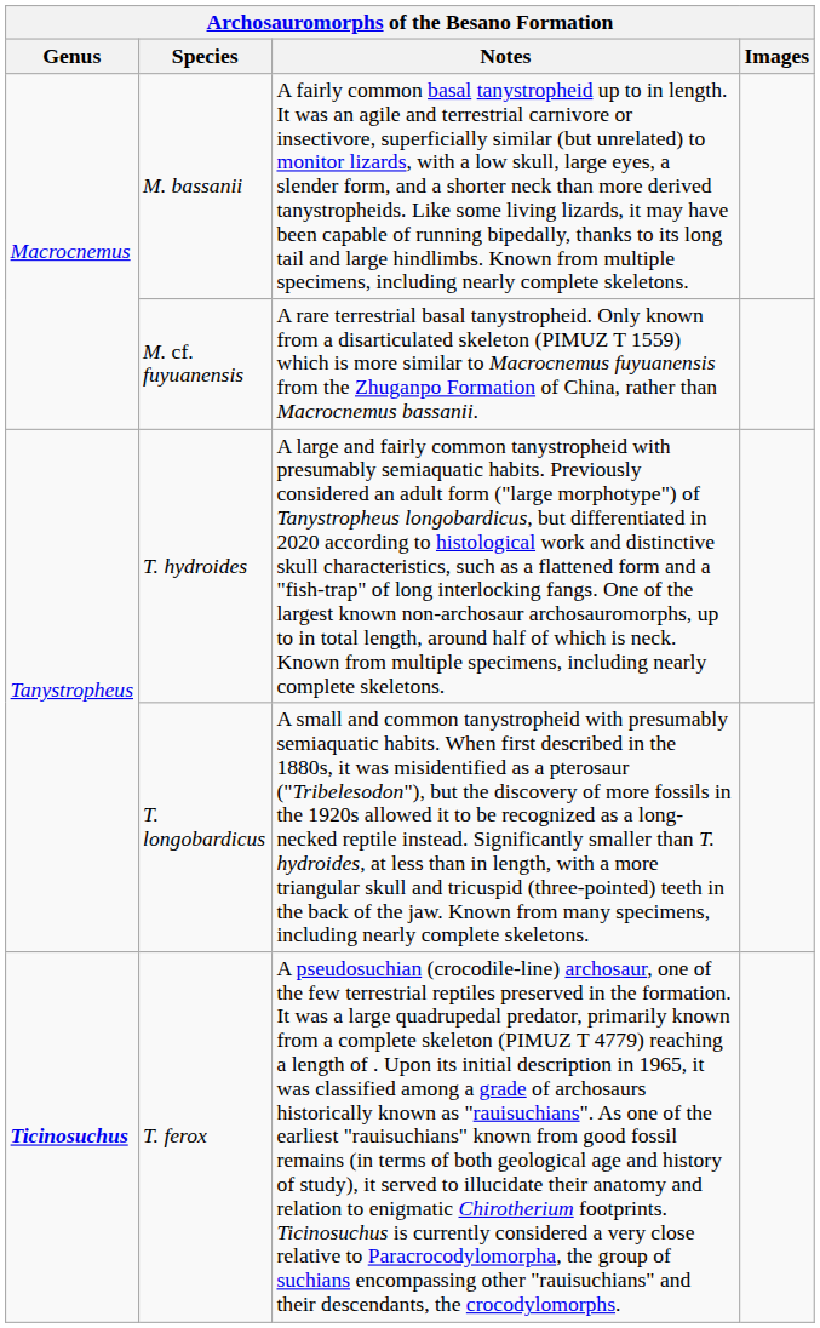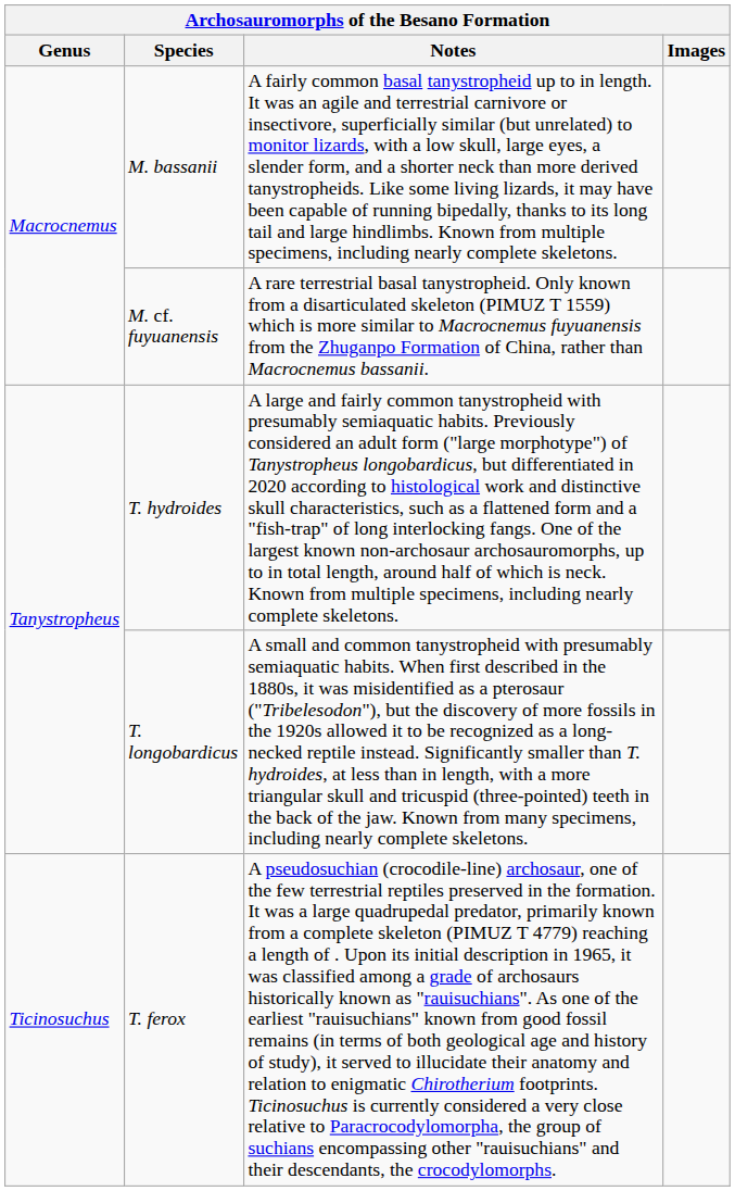 <table class="wikitable" align="center">
 <tr>
 <th colspan="4" align="center"><strong><a href='#'>Archosauromorphs</a> of the Besano Formation</strong></th>
 </tr>
 <tr>
 <th>Genus</th>
 <th>Species</th>
 <th>Notes</th>
 <th>Images</th>
 </tr>
 <tr>
 <td rowspan="2"><em><a href='#'>Macrocnemus</a></em></td>
 <td><em>M. bassanii</em></td>
 <td>A fairly common <a href='#'>basal</a> <a href='#'>tanystropheid</a> up to  in length. It was an agile and terrestrial carnivore or insectivore, superficially similar (but unrelated) to <a href='#'>monitor lizards</a>, with a low skull, large eyes, a slender form, and a shorter neck than more derived tanystropheids. Like some living lizards, it may have been capable of running bipedally, thanks to its long tail and large hindlimbs. Known from multiple specimens, including nearly complete skeletons.</td>
 <td></td>
 </tr>
 <tr>
 <td><em>M.</em> cf. <em>fuyuanensis</em></td>
 <td>A rare terrestrial basal tanystropheid. Only known from a disarticulated skeleton (PIMUZ T 1559) which is more similar to <em>Macrocnemus fuyuanensis</em> from the <a href='#'>Zhuganpo Formation</a> of China, rather than <em>Macrocnemus bassanii</em>.</td>
 <td></td>
 </tr>
 <tr>
 <td rowspan="2"><em><a href='#'>Tanystropheus</a></em></td>
 <td><em>T. hydroides</em></td>
 <td>A large and fairly common tanystropheid with presumably semiaquatic habits. Previously considered an adult form ("large morphotype") of <em>Tanystropheus longobardicus</em>, but differentiated in 2020 according to <a href='#'>histological</a> work and distinctive skull characteristics, such as a flattened form and a "fish-trap" of long interlocking fangs. One of the largest known non-archosaur archosauromorphs, up to  in total length, around half of which is neck.<em></em> Known from multiple specimens, including nearly complete skeletons.</td>
 <td></td>
 </tr>
 <tr>
 <td><em>T. longobardicus</em></td>
 <td>A small and common tanystropheid with presumably semiaquatic habits. When first described in the 1880s, it was misidentified as a pterosaur ("<em>Tribelesodon</em>"), but the discovery of more fossils in the 1920s allowed it to be recognized as a long-necked reptile instead. Significantly smaller than <em>T. hydroides</em>, at less than  in length,<em></em> with a more triangular skull and tricuspid (three-pointed) teeth in the back of the jaw. Known from many specimens, including nearly complete skeletons.</td>
 <td></td>
 </tr>
 <tr>
-<td><strong><em><a href='#'>Ticinosuchus</a></em></strong></td>
+<td><em><a href='#'>Ticinosuchus</a></em></td>
 <td><em>T. ferox</em></td>
 <td>A <a href='#'>pseudosuchian</a> (crocodile-line) <a href='#'>archosaur</a>, one of the few terrestrial reptiles preserved in the formation. It was a large quadrupedal predator, primarily known from a complete skeleton (PIMUZ T 4779) reaching a length of . Upon its initial description in 1965, it was classified among a <a href='#'>grade</a> of archosaurs historically known as "<a href='#'>rauisuchians</a>". As one of the earliest "rauisuchians" known from good fossil remains (in terms of both geological age and history of study), it served to illucidate their anatomy and relation to enigmatic <em><a href='#'>Chirotherium</a></em> footprints. <em>Ticinosuchus</em> is currently considered a very close relative to <a href='#'>Paracrocodylomorpha</a>, the group of <a href='#'>suchians</a> encompassing other "rauisuchians" and their descendants, the <a href='#'>crocodylomorphs</a>.</td>
 <td></td>
 </tr>
 </table>
